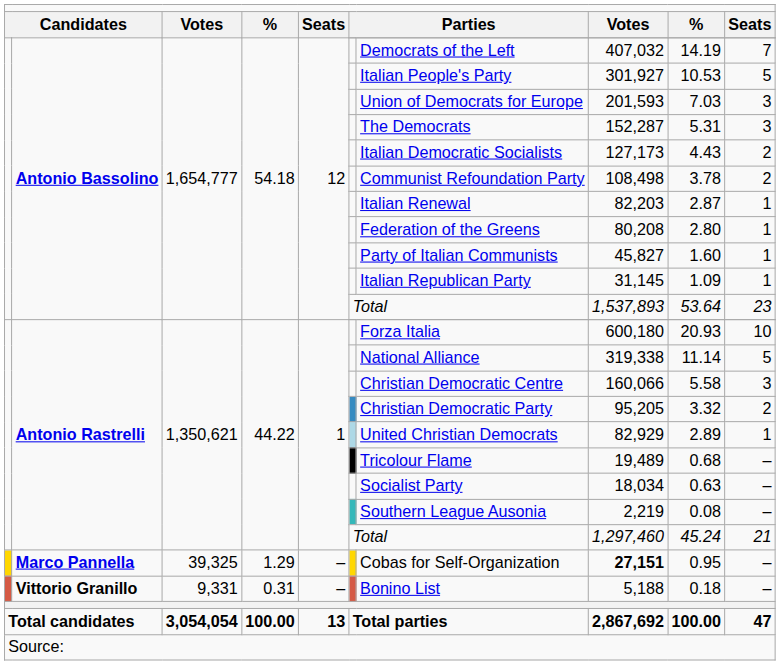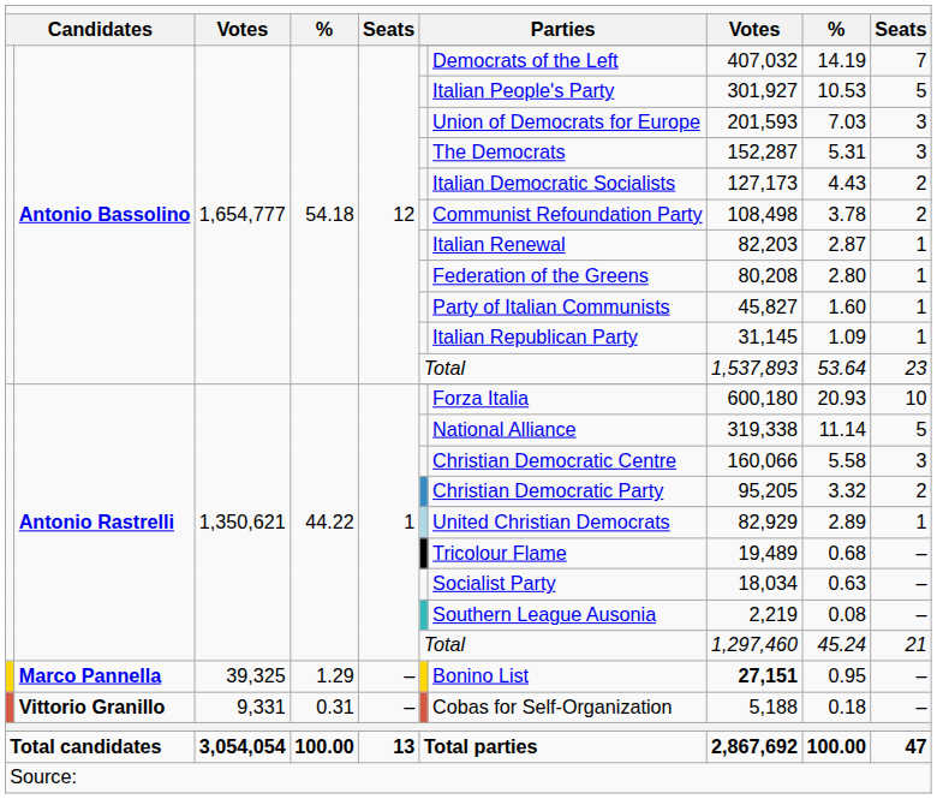 <table class="wikitable">
 <tr>
 <td colspan=10></td>
 </tr>
 <tr>
 <th colspan=2>Candidates</th>
 <th>Votes</th>
 <th>%</th>
 <th>Seats</th>
 <th colspan=2>Parties</th>
 <th>Votes</th>
 <th>%</th>
 <th>Seats</th>
 </tr>
 <tr>
 <td rowspan=12></td>
 <td rowspan=12><strong><a href='#'>Antonio Bassolino</a></strong></td>
 <td rowspan=12 align=right>1,654,777</td>
 <td rowspan=12 align=right>54.18</td>
 <td rowspan=12 align=right>12</td>
 </tr>
 <tr>
 <td></td>
 <td><a href='#'>Democrats of the Left</a></td>
 <td align=right>407,032</td>
 <td align=right>14.19</td>
 <td align=right>7</td>
 </tr>
 <tr>
 <td></td>
 <td><a href='#'>Italian People's Party</a></td>
 <td align=right>301,927</td>
 <td align=right>10.53</td>
 <td align=right>5</td>
 </tr>
 <tr>
 <td></td>
 <td><a href='#'>Union of Democrats for Europe</a></td>
 <td align=right>201,593</td>
 <td align=right>7.03</td>
 <td align=right>3</td>
 </tr>
 <tr>
 <td></td>
 <td><a href='#'>The Democrats</a></td>
 <td align=right>152,287</td>
 <td align=right>5.31</td>
 <td align=right>3</td>
 </tr>
 <tr>
 <td></td>
 <td><a href='#'>Italian Democratic Socialists</a></td>
 <td align=right>127,173</td>
 <td align=right>4.43</td>
 <td align=right>2</td>
 </tr>
 <tr>
 <td></td>
 <td><a href='#'>Communist Refoundation Party</a></td>
 <td align=right>108,498</td>
 <td align=right>3.78</td>
 <td align=right>2</td>
 </tr>
 <tr>
 <td></td>
 <td><a href='#'>Italian Renewal</a></td>
 <td align=right>82,203</td>
 <td align=right>2.87</td>
 <td align=right>1</td>
 </tr>
 <tr>
 <td></td>
 <td><a href='#'>Federation of the Greens</a></td>
 <td align=right>80,208</td>
 <td align=right>2.80</td>
 <td align=right>1</td>
 </tr>
 <tr>
 <td></td>
 <td><a href='#'>Party of Italian Communists</a></td>
 <td align=right>45,827</td>
 <td align=right>1.60</td>
 <td align=right>1</td>
 </tr>
 <tr>
 <td></td>
 <td><a href='#'>Italian Republican Party</a></td>
 <td align=right>31,145</td>
 <td align=right>1.09</td>
 <td align=right>1</td>
 </tr>
 <tr>
 <td colspan=2><em>Total</em></td>
 <td align=right><em>1,537,893</em></td>
 <td align=right><em>53.64</em></td>
 <td align=right><em>23</em></td>
 </tr>
 <tr>
 <td rowspan=10></td>
 <td rowspan=10><strong><a href='#'>Antonio Rastrelli</a></strong></td>
 <td rowspan=10 align=right>1,350,621</td>
 <td rowspan=10 align=right>44.22</td>
 <td rowspan=10 align=right>1</td>
 </tr>
 <tr>
 <td></td>
 <td><a href='#'>Forza Italia</a></td>
 <td align=right>600,180</td>
 <td align=right>20.93</td>
 <td align=right>10</td>
 </tr>
 <tr>
 <td></td>
 <td><a href='#'>National Alliance</a></td>
 <td align=right>319,338</td>
 <td align=right>11.14</td>
 <td align=right>5</td>
 </tr>
 <tr>
 <td></td>
 <td><a href='#'>Christian Democratic Centre</a></td>
 <td align=right>160,066</td>
 <td align=right>5.58</td>
 <td align=right>3</td>
 </tr>
 <tr>
 <td bgcolor="#368BC1"></td>
 <td><a href='#'>Christian Democratic Party</a></td>
 <td align=right>95,205</td>
 <td align=right>3.32</td>
 <td align=right>2</td>
 </tr>
 <tr>
 <td bgcolor="lightblue"></td>
 <td><a href='#'>United Christian Democrats</a></td>
 <td align=right>82,929</td>
 <td align=right>2.89</td>
 <td align=right>1</td>
 </tr>
 <tr>
 <td bgcolor="black"></td>
 <td><a href='#'>Tricolour Flame</a></td>
 <td align=right>19,489</td>
 <td align=right>0.68</td>
 <td align=right>–</td>
 </tr>
 <tr>
 <td></td>
 <td><a href='#'>Socialist Party</a></td>
 <td align=right>18,034</td>
 <td align=right>0.63</td>
 <td align=right>–</td>
 </tr>
 <tr>
 <td bgcolor="#34B8B9"></td>
 <td><a href='#'>Southern League Ausonia</a></td>
 <td align=right>2,219</td>
 <td align=right>0.08</td>
 <td align=right>–</td>
 </tr>
 <tr>
 <td colspan=2><em>Total</em></td>
 <td align=right><em>1,297,460</em></td>
 <td align=right><em>45.24</em></td>
 <td align=right><em>21</em></td>
 </tr>
 <tr>
 <td bgcolor="gold"></td>
 <td><strong><a href='#'>Marco Pannella</a></strong></td>
 <td align=right>39,325</td>
 <td align=right>1.29</td>
 <td align=right>–</td>
 <td bgcolor="gold"></td>
-<td>Cobas for Self-Organization</td>
+<td><a href='#'>Bonino List</a></td>
 <td align=right><strong>27,151</strong></td>
 <td align=right>0.95</td>
 <td align=right>–</td>
 </tr>
 <tr>
 <td bgcolor="#D55A44"></td>
 <td><strong>Vittorio Granillo</strong></td>
 <td align=right>9,331</td>
 <td align=right>0.31</td>
 <td align=right>–</td>
 <td bgcolor="#D55A44"></td>
-<td><a href='#'>Bonino List</a></td>
+<td>Cobas for Self-Organization</td>
 <td align=right>5,188</td>
 <td align=right>0.18</td>
 <td align=right>–</td>
 </tr>
 <tr>
 <th colspan=10></th>
 </tr>
 <tr>
 <td colspan=2><strong>Total candidates</strong></td>
 <td align=right><strong>3,054,054</strong></td>
 <td align=right><strong>100.00</strong></td>
 <td align=right><strong>13</strong></td>
 <td colspan=2><strong>Total parties</strong></td>
 <td align=right><strong>2,867,692</strong></td>
 <td align=right><strong>100.00</strong></td>
 <td align=right><strong>47</strong></td>
 </tr>
 <tr>
 <td colspan=10>Source: </td>
 </tr>
 </table>
